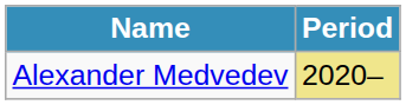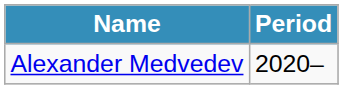 <table class="wikitable">
 <tr>
 <th style="color:#FFFFFF; background:#348eb9;">Name</th>
 <th style="color:#FFFFFF; background:#348eb9;">Period</th>
 </tr>
 <tr>
 <td> <a href='#'>Alexander Medvedev</a></td>
-<td style="background: khaki;">2020–</td>
+<td>2020–</td>
 </tr>
 </table>
